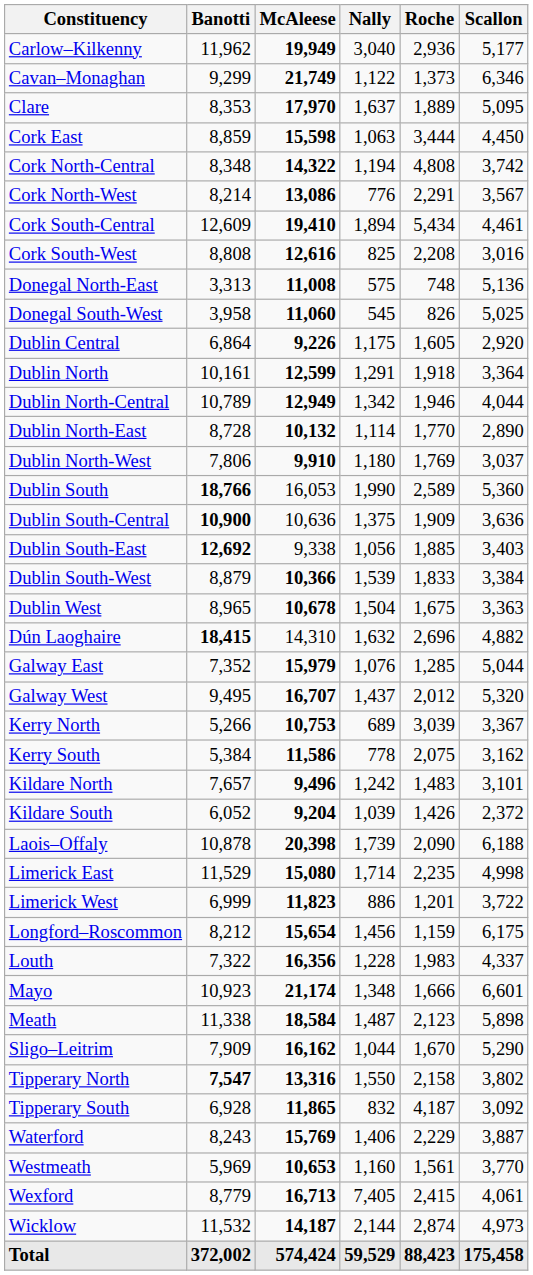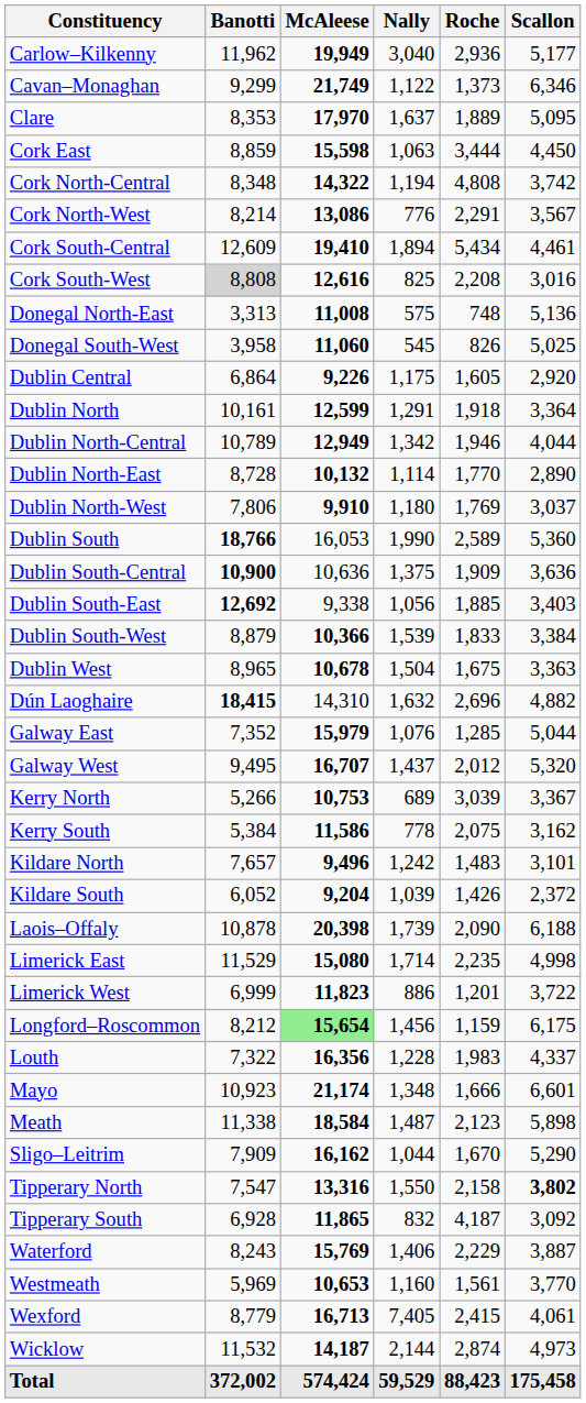 <table class="wikitable sortable">
 <tr>
 <th>Constituency</th>
 <th>Banotti</th>
 <th>McAleese</th>
 <th>Nally</th>
 <th>Roche</th>
 <th>Scallon</th>
 </tr>
 <tr>
 <td><a href='#'>Carlow–Kilkenny</a></td>
 <td style="text-align: right;">11,962</td>
 <td style="text-align: right;"><strong>19,949</strong></td>
 <td style="text-align: right;">3,040</td>
 <td style="text-align: right;">2,936</td>
 <td style="text-align: right;">5,177</td>
 </tr>
 <tr>
 <td><a href='#'>Cavan–Monaghan</a></td>
 <td style="text-align: right;">9,299</td>
 <td style="text-align: right;"><strong>21,749</strong></td>
 <td style="text-align: right;">1,122</td>
 <td style="text-align: right;">1,373</td>
 <td style="text-align: right;">6,346</td>
 </tr>
 <tr>
 <td><a href='#'>Clare</a></td>
 <td style="text-align: right;">8,353</td>
 <td style="text-align: right;"><strong>17,970</strong></td>
 <td style="text-align: right;">1,637</td>
 <td style="text-align: right;">1,889</td>
 <td style="text-align: right;">5,095</td>
 </tr>
 <tr>
 <td><a href='#'>Cork East</a></td>
 <td style="text-align: right;">8,859</td>
 <td style="text-align: right;"><strong>15,598</strong></td>
 <td style="text-align: right;">1,063</td>
 <td style="text-align: right;">3,444</td>
 <td style="text-align: right;">4,450</td>
 </tr>
 <tr>
 <td><a href='#'>Cork North-Central</a></td>
 <td style="text-align: right;">8,348</td>
 <td style="text-align: right;"><strong>14,322</strong></td>
 <td style="text-align: right;">1,194</td>
 <td style="text-align: right;">4,808</td>
 <td style="text-align: right;">3,742</td>
 </tr>
 <tr>
 <td><a href='#'>Cork North-West</a></td>
 <td style="text-align: right;">8,214</td>
 <td style="text-align: right;"><strong>13,086</strong></td>
 <td style="text-align: right;">776</td>
 <td style="text-align: right;">2,291</td>
 <td style="text-align: right;">3,567</td>
 </tr>
 <tr>
 <td><a href='#'>Cork South-Central</a></td>
 <td style="text-align: right;">12,609</td>
 <td style="text-align: right;"><strong>19,410</strong></td>
 <td style="text-align: right;">1,894</td>
 <td style="text-align: right;">5,434</td>
 <td style="text-align: right;">4,461</td>
 </tr>
 <tr>
 <td><a href='#'>Cork South-West</a></td>
-<td style="text-align: right;">8,808</td>
+<td style="background: lightgrey; text-align: right;">8,808</td>
 <td style="text-align: right;"><strong>12,616</strong></td>
 <td style="text-align: right;">825</td>
 <td style="text-align: right;">2,208</td>
 <td style="text-align: right;">3,016</td>
 </tr>
 <tr>
 <td><a href='#'>Donegal North-East</a></td>
 <td style="text-align: right;">3,313</td>
 <td style="text-align: right;"><strong>11,008</strong></td>
 <td style="text-align: right;">575</td>
 <td style="text-align: right;">748</td>
 <td style="text-align: right;">5,136</td>
 </tr>
 <tr>
 <td><a href='#'>Donegal South-West</a></td>
 <td style="text-align: right;">3,958</td>
 <td style="text-align: right;"><strong>11,060</strong></td>
 <td style="text-align: right;">545</td>
 <td style="text-align: right;">826</td>
 <td style="text-align: right;">5,025</td>
 </tr>
 <tr>
 <td><a href='#'>Dublin Central</a></td>
 <td style="text-align: right;">6,864</td>
 <td style="text-align: right;"><strong>9,226</strong></td>
 <td style="text-align: right;">1,175</td>
 <td style="text-align: right;">1,605</td>
 <td style="text-align: right;">2,920</td>
 </tr>
 <tr>
 <td><a href='#'>Dublin North</a></td>
 <td style="text-align: right;">10,161</td>
 <td style="text-align: right;"><strong>12,599</strong></td>
 <td style="text-align: right;">1,291</td>
 <td style="text-align: right;">1,918</td>
 <td style="text-align: right;">3,364</td>
 </tr>
 <tr>
 <td><a href='#'>Dublin North-Central</a></td>
 <td style="text-align: right;">10,789</td>
 <td style="text-align: right;"><strong>12,949</strong></td>
 <td style="text-align: right;">1,342</td>
 <td style="text-align: right;">1,946</td>
 <td style="text-align: right;">4,044</td>
 </tr>
 <tr>
 <td><a href='#'>Dublin North-East</a></td>
 <td style="text-align: right;">8,728</td>
 <td style="text-align: right;"><strong>10,132</strong></td>
 <td style="text-align: right;">1,114</td>
 <td style="text-align: right;">1,770</td>
 <td style="text-align: right;">2,890</td>
 </tr>
 <tr>
 <td><a href='#'>Dublin North-West</a></td>
 <td style="text-align: right;">7,806</td>
 <td style="text-align: right;"><strong>9,910</strong></td>
 <td style="text-align: right;">1,180</td>
 <td style="text-align: right;">1,769</td>
 <td style="text-align: right;">3,037</td>
 </tr>
 <tr>
 <td><a href='#'>Dublin South</a></td>
 <td style="text-align: right;"><strong>18,766</strong></td>
 <td style="text-align: right;">16,053</td>
 <td style="text-align: right;">1,990</td>
 <td style="text-align: right;">2,589</td>
 <td style="text-align: right;">5,360</td>
 </tr>
 <tr>
 <td><a href='#'>Dublin South-Central</a></td>
 <td style="text-align: right;"><strong>10,900</strong></td>
 <td style="text-align: right;">10,636</td>
 <td style="text-align: right;">1,375</td>
 <td style="text-align: right;">1,909</td>
 <td style="text-align: right;">3,636</td>
 </tr>
 <tr>
 <td><a href='#'>Dublin South-East</a></td>
 <td style="text-align: right;"><strong>12,692</strong></td>
 <td style="text-align: right;">9,338</td>
 <td style="text-align: right;">1,056</td>
 <td style="text-align: right;">1,885</td>
 <td style="text-align: right;">3,403</td>
 </tr>
 <tr>
 <td><a href='#'>Dublin South-West</a></td>
 <td style="text-align: right;">8,879</td>
 <td style="text-align: right;"><strong>10,366</strong></td>
 <td style="text-align: right;">1,539</td>
 <td style="text-align: right;">1,833</td>
 <td style="text-align: right;">3,384</td>
 </tr>
 <tr>
 <td><a href='#'>Dublin West</a></td>
 <td style="text-align: right;">8,965</td>
 <td style="text-align: right;"><strong>10,678</strong></td>
 <td style="text-align: right;">1,504</td>
 <td style="text-align: right;">1,675</td>
 <td style="text-align: right;">3,363</td>
 </tr>
 <tr>
 <td><a href='#'>Dún Laoghaire</a></td>
 <td style="text-align: right;"><strong>18,415</strong></td>
 <td style="text-align: right;">14,310</td>
 <td style="text-align: right;">1,632</td>
 <td style="text-align: right;">2,696</td>
 <td style="text-align: right;">4,882</td>
 </tr>
 <tr>
 <td><a href='#'>Galway East</a></td>
 <td style="text-align: right;">7,352</td>
 <td style="text-align: right;"><strong>15,979</strong></td>
 <td style="text-align: right;">1,076</td>
 <td style="text-align: right;">1,285</td>
 <td style="text-align: right;">5,044</td>
 </tr>
 <tr>
 <td><a href='#'>Galway West</a></td>
 <td style="text-align: right;">9,495</td>
 <td style="text-align: right;"><strong>16,707</strong></td>
 <td style="text-align: right;">1,437</td>
 <td style="text-align: right;">2,012</td>
 <td style="text-align: right;">5,320</td>
 </tr>
 <tr>
 <td><a href='#'>Kerry North</a></td>
 <td style="text-align: right;">5,266</td>
 <td style="text-align: right;"><strong>10,753</strong></td>
 <td style="text-align: right;">689</td>
 <td style="text-align: right;">3,039</td>
 <td style="text-align: right;">3,367</td>
 </tr>
 <tr>
 <td><a href='#'>Kerry South</a></td>
 <td style="text-align: right;">5,384</td>
 <td style="text-align: right;"><strong>11,586</strong></td>
 <td style="text-align: right;">778</td>
 <td style="text-align: right;">2,075</td>
 <td style="text-align: right;">3,162</td>
 </tr>
 <tr>
 <td><a href='#'>Kildare North</a></td>
 <td style="text-align: right;">7,657</td>
 <td style="text-align: right;"><strong>9,496</strong></td>
 <td style="text-align: right;">1,242</td>
 <td style="text-align: right;">1,483</td>
 <td style="text-align: right;">3,101</td>
 </tr>
 <tr>
 <td><a href='#'>Kildare South</a></td>
 <td style="text-align: right;">6,052</td>
 <td style="text-align: right;"><strong>9,204</strong></td>
 <td style="text-align: right;">1,039</td>
 <td style="text-align: right;">1,426</td>
 <td style="text-align: right;">2,372</td>
 </tr>
 <tr>
 <td><a href='#'>Laois–Offaly</a></td>
 <td style="text-align: right;">10,878</td>
 <td style="text-align: right;"><strong>20,398</strong></td>
 <td style="text-align: right;">1,739</td>
 <td style="text-align: right;">2,090</td>
 <td style="text-align: right;">6,188</td>
 </tr>
 <tr>
 <td><a href='#'>Limerick East</a></td>
 <td style="text-align: right;">11,529</td>
 <td style="text-align: right;"><strong>15,080</strong></td>
 <td style="text-align: right;">1,714</td>
 <td style="text-align: right;">2,235</td>
 <td style="text-align: right;">4,998</td>
 </tr>
 <tr>
 <td><a href='#'>Limerick West</a></td>
 <td style="text-align: right;">6,999</td>
 <td style="text-align: right;"><strong>11,823</strong></td>
 <td style="text-align: right;">886</td>
 <td style="text-align: right;">1,201</td>
 <td style="text-align: right;">3,722</td>
 </tr>
 <tr>
 <td><a href='#'>Longford–Roscommon</a></td>
 <td style="text-align: right;">8,212</td>
-<td style="text-align: right;"><strong>15,654</strong></td>
+<td style="background: lightgreen; text-align: right;"><strong>15,654</strong></td>
 <td style="text-align: right;">1,456</td>
 <td style="text-align: right;">1,159</td>
 <td style="text-align: right;">6,175</td>
 </tr>
 <tr>
 <td><a href='#'>Louth</a></td>
 <td style="text-align: right;">7,322</td>
 <td style="text-align: right;"><strong>16,356</strong></td>
 <td style="text-align: right;">1,228</td>
 <td style="text-align: right;">1,983</td>
 <td style="text-align: right;">4,337</td>
 </tr>
 <tr>
 <td><a href='#'>Mayo</a></td>
 <td style="text-align: right;">10,923</td>
 <td style="text-align: right;"><strong>21,174</strong></td>
 <td style="text-align: right;">1,348</td>
 <td style="text-align: right;">1,666</td>
 <td style="text-align: right;">6,601</td>
 </tr>
 <tr>
 <td><a href='#'>Meath</a></td>
 <td style="text-align: right;">11,338</td>
 <td style="text-align: right;"><strong>18,584</strong></td>
 <td style="text-align: right;">1,487</td>
 <td style="text-align: right;">2,123</td>
 <td style="text-align: right;">5,898</td>
 </tr>
 <tr>
 <td><a href='#'>Sligo–Leitrim</a></td>
 <td style="text-align: right;">7,909</td>
 <td style="text-align: right;"><strong>16,162</strong></td>
 <td style="text-align: right;">1,044</td>
 <td style="text-align: right;">1,670</td>
 <td style="text-align: right;">5,290</td>
 </tr>
 <tr>
 <td><a href='#'>Tipperary North</a></td>
-<td style="text-align: right;"><strong>7,547</strong></td>
+<td style="text-align: right;">7,547</td>
 <td style="text-align: right;"><strong>13,316</strong></td>
 <td style="text-align: right;">1,550</td>
 <td style="text-align: right;">2,158</td>
-<td style="text-align: right;">3,802</td>
+<td style="text-align: right;"><strong>3,802</strong></td>
 </tr>
 <tr>
 <td><a href='#'>Tipperary South</a></td>
 <td style="text-align: right;">6,928</td>
 <td style="text-align: right;"><strong>11,865</strong></td>
 <td style="text-align: right;">832</td>
 <td style="text-align: right;">4,187</td>
 <td style="text-align: right;">3,092</td>
 </tr>
 <tr>
 <td><a href='#'>Waterford</a></td>
 <td style="text-align: right;">8,243</td>
 <td style="text-align: right;"><strong>15,769</strong></td>
 <td style="text-align: right;">1,406</td>
 <td style="text-align: right;">2,229</td>
 <td style="text-align: right;">3,887</td>
 </tr>
 <tr>
 <td><a href='#'>Westmeath</a></td>
 <td style="text-align: right;">5,969</td>
 <td style="text-align: right;"><strong>10,653</strong></td>
 <td style="text-align: right;">1,160</td>
 <td style="text-align: right;">1,561</td>
 <td style="text-align: right;">3,770</td>
 </tr>
 <tr>
 <td><a href='#'>Wexford</a></td>
 <td style="text-align: right;">8,779</td>
 <td style="text-align: right;"><strong>16,713</strong></td>
 <td style="text-align: right;">7,405</td>
 <td style="text-align: right;">2,415</td>
 <td style="text-align: right;">4,061</td>
 </tr>
 <tr>
 <td><a href='#'>Wicklow</a></td>
 <td style="text-align: right;">11,532</td>
 <td style="text-align: right;"><strong>14,187</strong></td>
 <td style="text-align: right;">2,144</td>
 <td style="text-align: right;">2,874</td>
 <td style="text-align: right;">4,973</td>
 </tr>
 <tr class="sortbottom" style="font-weight:bold; background:rgb(232,232,232);">
 <td>Total</td>
 <td style="text-align: right;">372,002</td>
 <td style="text-align: right;">574,424</td>
 <td style="text-align: right;">59,529</td>
 <td style="text-align: right;">88,423</td>
 <td style="text-align: right;">175,458</td>
 </tr>
 </table>
